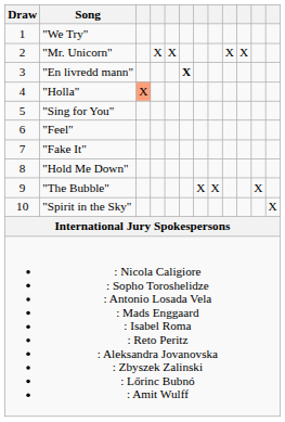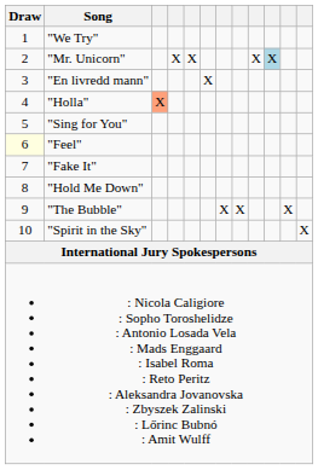 <table class="wikitable collapsible" style="margin: 1em auto 1em auto; text-align:center;">
 <tr>
 <th>Draw</th>
 <th>Song</th>
 <th></th>
 <th></th>
 <th></th>
 <th></th>
 <th></th>
 <th></th>
 <th></th>
 <th></th>
 <th></th>
 <th></th>
 </tr>
 <tr>
 <td>1</td>
 <td align="left">"We Try"</td>
 <td></td>
 <td></td>
 <td></td>
 <td></td>
 <td></td>
 <td></td>
 <td></td>
 <td></td>
 <td></td>
 <td></td>
 </tr>
 <tr>
 <td>2</td>
 <td align="left">"Mr. Unicorn"</td>
 <td></td>
 <td>X</td>
 <td>X</td>
 <td></td>
 <td></td>
 <td></td>
 <td>X</td>
-<td>X</td>
+<td style="background: lightblue;">X</td>
 <td></td>
 <td></td>
 </tr>
 <tr>
 <td>3</td>
 <td align="left">"En livredd mann"</td>
 <td></td>
 <td></td>
 <td></td>
-<td><strong>X</strong></td>
+<td>X</td>
 <td></td>
 <td></td>
 <td></td>
 <td></td>
 <td></td>
 <td></td>
 </tr>
 <tr>
 <td>4</td>
 <td align="left">"Holla"</td>
 <td style="background: lightsalmon;">X</td>
 <td></td>
 <td></td>
 <td></td>
 <td></td>
 <td></td>
 <td></td>
 <td></td>
 <td></td>
 <td></td>
 </tr>
 <tr>
 <td>5</td>
 <td align="left">"Sing for You"</td>
 <td></td>
 <td></td>
 <td></td>
 <td></td>
 <td></td>
 <td></td>
 <td></td>
 <td></td>
 <td></td>
 <td></td>
 </tr>
 <tr>
-<td>6</td>
+<td style="background: lightyellow;">6</td>
 <td align="left">"Feel"</td>
 <td></td>
 <td></td>
 <td></td>
 <td></td>
 <td></td>
 <td></td>
 <td></td>
 <td></td>
 <td></td>
 <td></td>
 </tr>
 <tr>
 <td>7</td>
 <td align="left">"Fake It"</td>
 <td></td>
 <td></td>
 <td></td>
 <td></td>
 <td></td>
 <td></td>
 <td></td>
 <td></td>
 <td></td>
 <td></td>
 </tr>
 <tr>
 <td>8</td>
 <td align="left">"Hold Me Down"</td>
 <td></td>
 <td></td>
 <td></td>
 <td></td>
 <td></td>
 <td></td>
 <td></td>
 <td></td>
 <td></td>
 <td></td>
 </tr>
 <tr>
 <td>9</td>
 <td align="left">"The Bubble"</td>
 <td></td>
 <td></td>
 <td></td>
 <td></td>
 <td>X</td>
 <td>X</td>
 <td></td>
 <td></td>
 <td>X</td>
 <td></td>
 </tr>
 <tr>
 <td>10</td>
 <td align="left">"Spirit in the Sky"</td>
 <td></td>
 <td></td>
 <td></td>
 <td></td>
 <td></td>
 <td></td>
 <td></td>
 <td></td>
 <td></td>
 <td>X</td>
 </tr>
 <tr>
 <th colspan="12">International Jury Spokespersons</th>
 </tr>
 <tr>
 <td colspan="12"><br><ul><li>: Nicola Caligiore</li><li>: Sopho Toroshelidze</li><li>: Antonio Losada Vela</li><li>: Mads Enggaard</li><li>: Isabel Roma</li><li>: Reto Peritz</li><li>: Aleksandra Jovanovska</li><li>: Zbyszek Zalinski</li><li>: Lőrinc Bubnó</li><li>: Amit Wulff</li></ul></td>
 </tr>
 </table>
